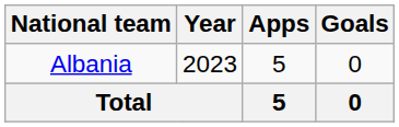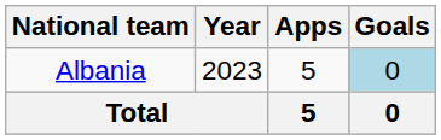 <table class="wikitable" style="text-align:center">
 <tr>
 <th>National team</th>
 <th>Year</th>
 <th>Apps</th>
 <th>Goals</th>
 </tr>
 <tr>
 <td rowspan="1"><a href='#'>Albania</a></td>
 <td>2023</td>
 <td>5</td>
-<td>0</td>
+<td style="background: lightblue;">0</td>
 </tr>
 <tr>
 <th colspan="2">Total</th>
 <th>5</th>
 <th>0</th>
 </tr>
 </table>
